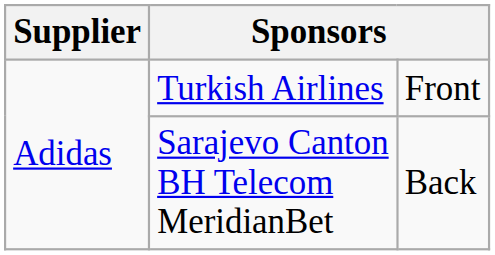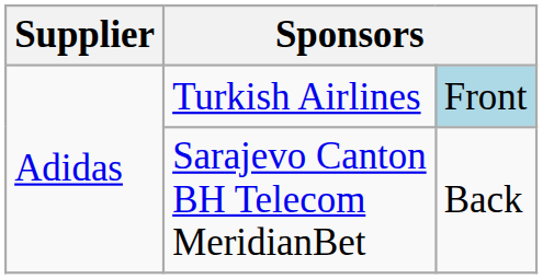 <table class="wikitable">
 <tr>
 <th>Supplier</th>
 <th colspan=2>Sponsors</th>
 </tr>
 <tr>
 <td rowspan=4> <a href='#'>Adidas</a></td>
 <td> <a href='#'>Turkish Airlines</a></td>
-<td>Front</td>
+<td style="background: lightblue;">Front</td>
 </tr>
 <tr>
 <td> <a href='#'>Sarajevo Canton</a><br> <a href='#'>BH Telecom</a><br> MeridianBet</td>
 <td rowspan=3>Back</td>
 </tr>
 </table>
